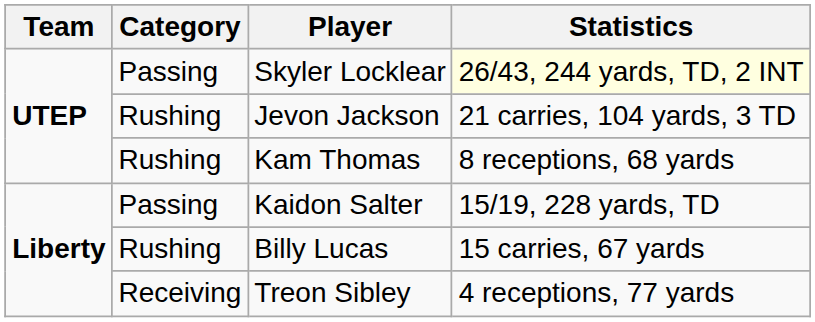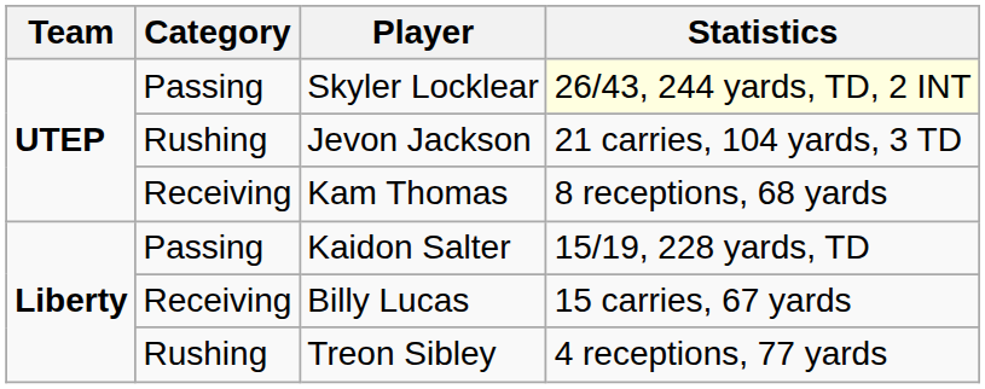 <table class="wikitable" style="float: right;">
 <tr>
 <th>Team</th>
 <th>Category</th>
 <th>Player</th>
 <th>Statistics</th>
 </tr>
 <tr>
 <td rowspan=3><strong>UTEP</strong></td>
 <td>Passing</td>
 <td>Skyler Locklear</td>
 <td style="background: lightyellow;">26/43, 244 yards, TD, 2 INT</td>
 </tr>
 <tr>
 <td>Rushing</td>
 <td>Jevon Jackson</td>
 <td>21 carries, 104 yards, 3 TD</td>
 </tr>
 <tr>
-<td>Rushing</td>
+<td>Receiving</td>
 <td>Kam Thomas</td>
 <td>8 receptions, 68 yards</td>
 </tr>
 <tr>
 <td rowspan=3><strong>Liberty</strong></td>
 <td>Passing</td>
 <td>Kaidon Salter</td>
 <td>15/19, 228 yards, TD</td>
 </tr>
 <tr>
-<td>Rushing</td>
+<td>Receiving</td>
 <td>Billy Lucas</td>
 <td>15 carries, 67 yards</td>
 </tr>
 <tr>
-<td>Receiving</td>
+<td>Rushing</td>
 <td>Treon Sibley</td>
 <td>4 receptions, 77 yards</td>
 </tr>
 </table>
